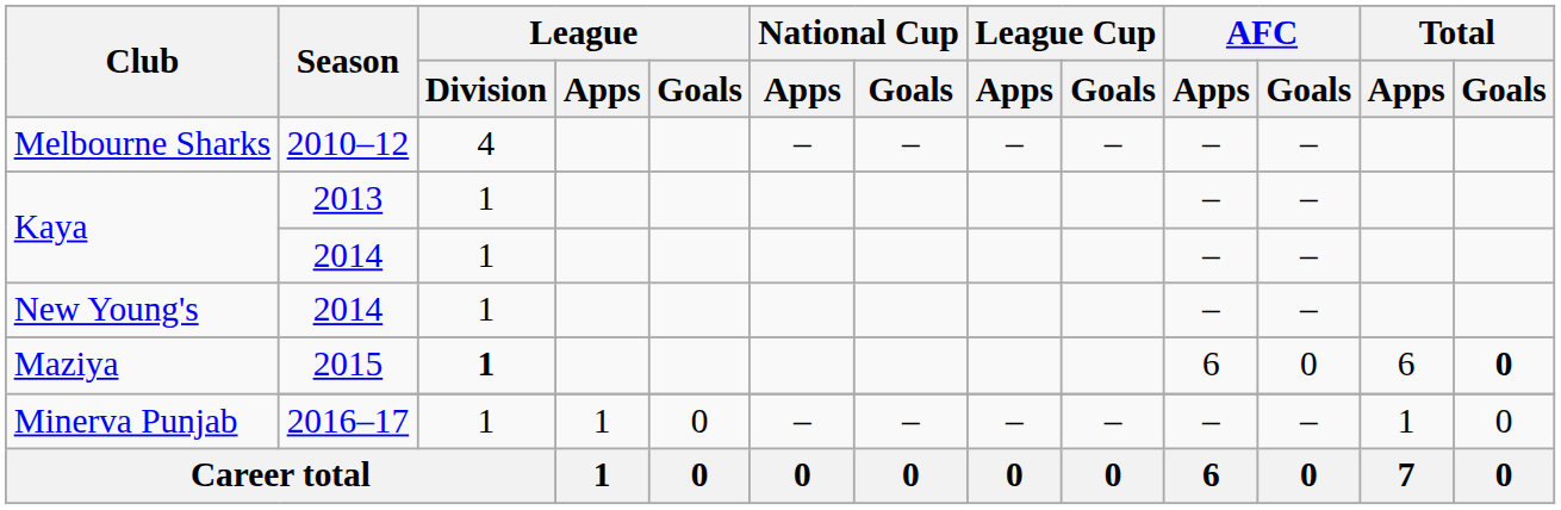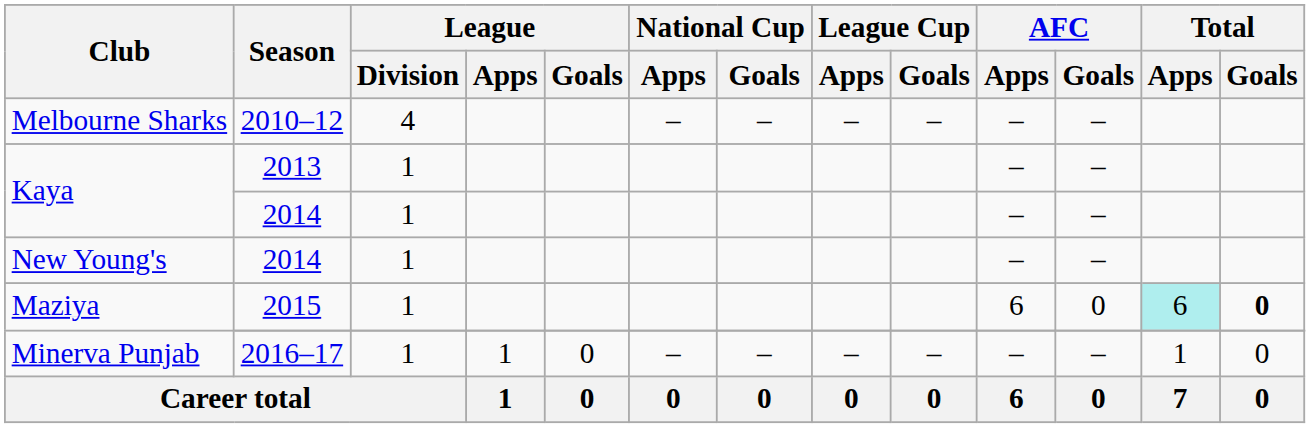 <table class="wikitable" style="text-align: center;">
 <tr>
 <th rowspan="2">Club</th>
 <th rowspan="2">Season</th>
 <th colspan="3">League</th>
 <th colspan="2">National Cup</th>
 <th colspan="2">League Cup</th>
 <th colspan="2"><a href='#'>AFC</a></th>
 <th colspan="2">Total</th>
 </tr>
 <tr>
 <th>Division</th>
 <th>Apps</th>
 <th>Goals</th>
 <th>Apps</th>
 <th>Goals</th>
 <th>Apps</th>
 <th>Goals</th>
 <th>Apps</th>
 <th>Goals</th>
 <th>Apps</th>
 <th>Goals</th>
 </tr>
 <tr>
 <td rowspan="1" style="text-align: left;"><a href='#'>Melbourne Sharks</a></td>
 <td><a href='#'>2010–12</a></td>
 <td>4</td>
 <td></td>
 <td></td>
 <td>–</td>
 <td>–</td>
 <td>–</td>
 <td>–</td>
 <td>–</td>
 <td>–</td>
 <td></td>
 <td></td>
 </tr>
 <tr>
 <td rowspan="2" style="text-align: left;"><a href='#'>Kaya</a></td>
 <td><a href='#'>2013</a></td>
 <td>1</td>
 <td></td>
 <td></td>
 <td></td>
 <td></td>
 <td></td>
 <td></td>
 <td>–</td>
 <td>–</td>
 <td></td>
 <td></td>
 </tr>
 <tr>
 <td><a href='#'>2014</a></td>
 <td>1</td>
 <td></td>
 <td></td>
 <td></td>
 <td></td>
 <td></td>
 <td></td>
 <td>–</td>
 <td>–</td>
 <td></td>
 <td></td>
 </tr>
 <tr>
 <td rowspan="1" style="text-align: left;"><a href='#'>New Young's</a></td>
 <td><a href='#'>2014</a></td>
 <td>1</td>
 <td></td>
 <td></td>
 <td></td>
 <td></td>
 <td></td>
 <td></td>
 <td>–</td>
 <td>–</td>
 <td></td>
 <td></td>
 </tr>
 <tr>
 <td rowspan="2" style="text-align: left;"><a href='#'>Maziya</a></td>
 <td><a href='#'>2015</a></td>
-<td><strong>1</strong></td>
+<td>1</td>
 <td></td>
 <td></td>
 <td></td>
 <td></td>
 <td></td>
 <td></td>
 <td>6</td>
 <td>0</td>
-<td>6</td>
+<td style="background: paleturquoise;">6</td>
 <td><strong>0</strong></td>
 </tr>
 <tr>
 </tr>
 <tr>
 <td rowspan="1" style="text-align: left;"><a href='#'>Minerva Punjab</a></td>
 <td><a href='#'>2016–17</a></td>
 <td>1</td>
 <td>1</td>
 <td>0</td>
 <td>–</td>
 <td>–</td>
 <td>–</td>
 <td>–</td>
 <td>–</td>
 <td>–</td>
 <td>1</td>
 <td>0</td>
 </tr>
 <tr>
 <th colspan="3">Career total</th>
 <th>1</th>
 <th>0</th>
 <th>0</th>
 <th>0</th>
 <th>0</th>
 <th>0</th>
 <th>6</th>
 <th>0</th>
 <th>7</th>
 <th>0</th>
 </tr>
 </table>
